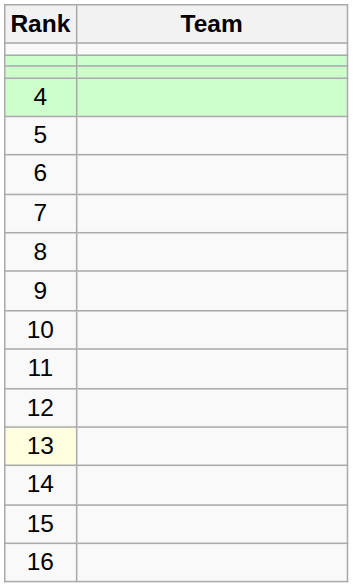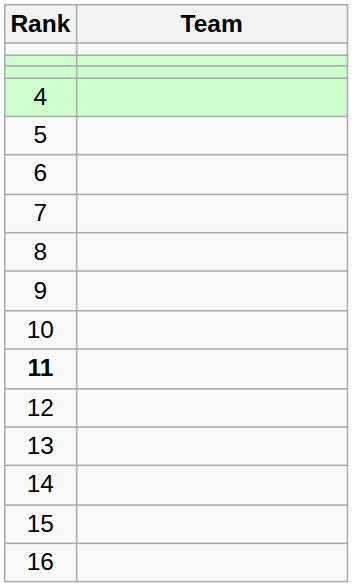 <table class="wikitable">
 <tr>
 <th>Rank</th>
 <th width=170>Team</th>
 </tr>
 <tr>
 <td align=center></td>
 <td></td>
 </tr>
 <tr bgcolor=ccffcc>
 <td align=center></td>
 <td></td>
 </tr>
 <tr bgcolor=ccffcc>
 <td align=center></td>
 <td></td>
 </tr>
 <tr bgcolor=ccffcc>
 <td align=center>4</td>
 <td></td>
 </tr>
 <tr>
 <td align=center>5</td>
 <td></td>
 </tr>
 <tr>
 <td align=center>6</td>
 <td></td>
 </tr>
 <tr>
 <td align=center>7</td>
 <td></td>
 </tr>
 <tr>
 <td align=center>8</td>
 <td></td>
 </tr>
 <tr>
 <td align=center>9</td>
 <td></td>
 </tr>
 <tr>
 <td align=center>10</td>
 <td></td>
 </tr>
 <tr>
-<td align=center>11</td>
+<td align=center><strong>11</strong></td>
 <td></td>
 </tr>
 <tr>
 <td align=center>12</td>
 <td></td>
 </tr>
 <tr>
-<td align=center style="background: lightyellow;">13</td>
+<td align=center>13</td>
 <td></td>
 </tr>
 <tr>
 <td align=center>14</td>
 <td></td>
 </tr>
 <tr>
 <td align=center>15</td>
 <td></td>
 </tr>
 <tr>
 <td align=center>16</td>
 <td></td>
 </tr>
 </table>
